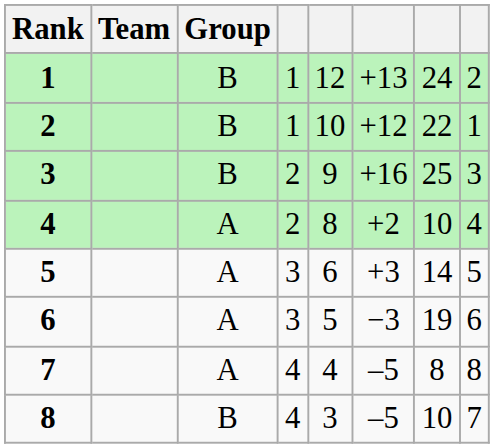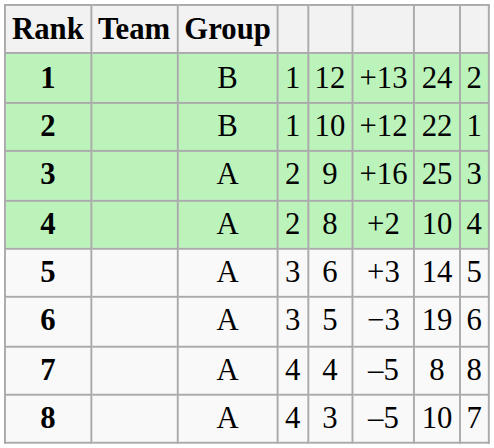 <table class="wikitable sortable" style="text-align:center;">
 <tr>
 <th>Rank</th>
 <th>Team</th>
 <th>Group</th>
 <th></th>
 <th></th>
 <th></th>
 <th></th>
 <th></th>
 </tr>
 <tr style="background-color:#BBF3BB;">
 <td><strong>1</strong></td>
 <td style="text-align:left;"></td>
 <td>B</td>
 <td>1</td>
 <td>12</td>
 <td>+13</td>
 <td>24</td>
 <td>2</td>
 </tr>
 <tr style="background-color:#BBF3BB;">
 <td><strong>2</strong></td>
 <td style="text-align:left;"></td>
 <td>B</td>
 <td>1</td>
 <td>10</td>
 <td>+12</td>
 <td>22</td>
 <td>1</td>
 </tr>
 <tr style="background-color:#BBF3BB;">
 <td><strong>3</strong></td>
 <td style="text-align:left;"></td>
-<td>B</td>
+<td>A</td>
 <td>2</td>
 <td>9</td>
 <td>+16</td>
 <td>25</td>
 <td>3</td>
 </tr>
 <tr style="background-color:#BBF3BB;">
 <td><strong>4</strong></td>
 <td style="text-align:left;"></td>
 <td>A</td>
 <td>2</td>
 <td>8</td>
 <td>+2</td>
 <td>10</td>
 <td>4</td>
 </tr>
 <tr>
 <td><strong>5</strong></td>
 <td style="text-align:left;"></td>
 <td>A</td>
 <td>3</td>
 <td>6</td>
 <td>+3</td>
 <td>14</td>
 <td>5</td>
 </tr>
 <tr>
 <td><strong>6</strong></td>
 <td style="text-align:left;"></td>
 <td>A</td>
 <td>3</td>
 <td>5</td>
 <td>−3</td>
 <td>19</td>
 <td>6</td>
 </tr>
 <tr>
 <td><strong>7</strong></td>
 <td style="text-align:left;"></td>
 <td>A</td>
 <td>4</td>
 <td>4</td>
 <td>–5</td>
 <td>8</td>
 <td>8</td>
 </tr>
 <tr>
 <td><strong>8</strong></td>
 <td style="text-align:left;"></td>
-<td>B</td>
+<td>A</td>
 <td>4</td>
 <td>3</td>
 <td>–5</td>
 <td>10</td>
 <td>7</td>
 </tr>
 </table>
